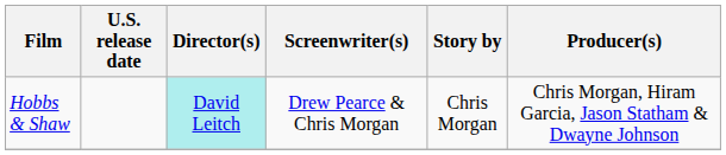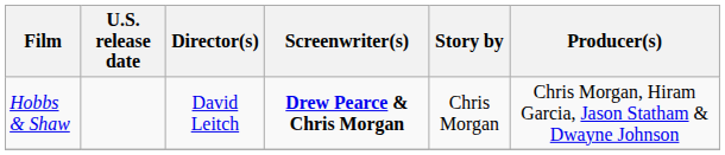 <table class="wikitable plainrowheaders" style="text-align:center;">
 <tr>
 <th>Film</th>
 <th>U.S. release date</th>
 <th>Director(s)</th>
 <th>Screenwriter(s)</th>
 <th>Story by</th>
 <th>Producer(s)</th>
 </tr>
 <tr>
 <td style="text-align:left"><em><a href='#'>Hobbs & Shaw</a></em></td>
 <td style="text-align:left"></td>
-<td style="background: paleturquoise;"><a href='#'>David Leitch</a></td>
-<td><a href='#'>Drew Pearce</a> & Chris Morgan</td>
+<td><a href='#'>David Leitch</a></td>
+<td><strong><a href='#'>Drew Pearce</a> & Chris Morgan</strong></td>
 <td>Chris Morgan</td>
 <td>Chris Morgan, Hiram Garcia, <a href='#'>Jason Statham</a> & <a href='#'>Dwayne Johnson</a></td>
 </tr>
 <tr>
 </tr>
 </table>
